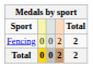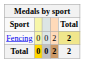 <table class="wikitable" style="font-size:85%; text-align:center;">
 <tr style="background:#efefef;">
 <th colspan=5><strong>Medals by sport</strong></th>
 </tr>
 <tr>
 <td><strong>Sport</strong></td>
 <td style="background:#f7f6a8;"></td>
 <td style="background:#dce5e5;"></td>
 <td style="background:#ffdab9;"></td>
 <td><strong>Total</strong></td>
 </tr>
 <tr>
 <td><a href='#'>Fencing</a></td>
 <td style="background:#F7F6A8;">0</td>
 <td style="background:#DCE5E5;">0</td>
 <td style="background:#FFDAB9;">2</td>
-<td><strong>2</strong></td>
+<td style="background: khaki;"><strong>2</strong></td>
 </tr>
 <tr>
 <th>Total</th>
 <th style="background:gold;"  >0</th>
 <th style="background:silver;">0</th>
 <th style="background:#c96;"  >2</th>
 <th>2</th>
 </tr>
 </table>
